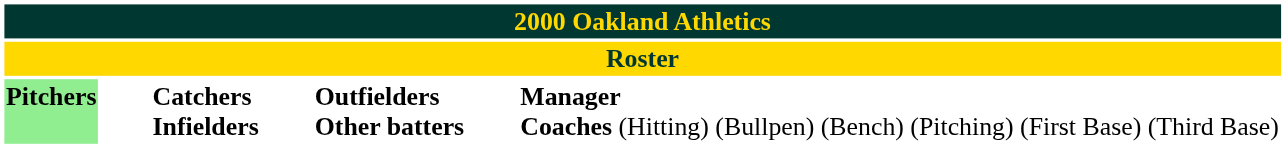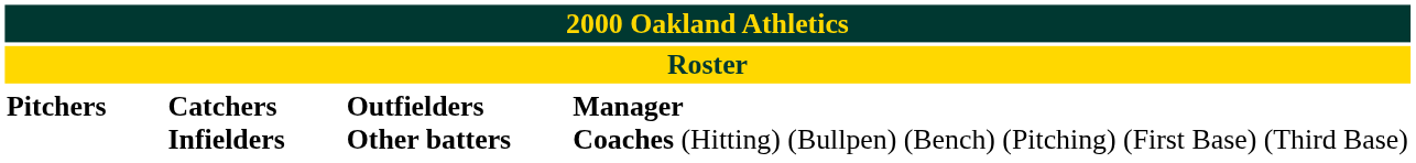 <table class="toccolours" style="font-size: 95%;">
 <tr>
 <th colspan="10" style="background-color: #003831; color: #FFD800; text-align: center;">2000 Oakland Athletics</th>
 </tr>
 <tr>
 <td colspan="10" style="background-color: #FFD800; color: #003831; text-align: center;"><strong>Roster</strong></td>
 </tr>
 <tr>
-<td valign="top" style="background: lightgreen;"><strong>Pitchers</strong><br>                   </td>
+<td valign="top"><strong>Pitchers</strong><br>                   </td>
 <td width="25px"></td>
 <td valign="top"><strong>Catchers</strong><br>   <strong>Infielders</strong>           </td>
 <td width="25px"></td>
 <td valign="top"><strong>Outfielders</strong><br>         <strong>Other batters</strong> </td>
 <td width="25px"></td>
 <td valign="top"><strong>Manager</strong><br> <strong>Coaches</strong>  (Hitting)  (Bullpen)  (Bench)  (Pitching)  (First Base)  (Third Base)</td>
 </tr>
 </table>
